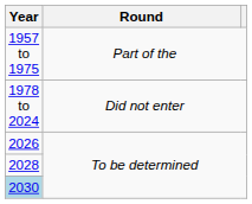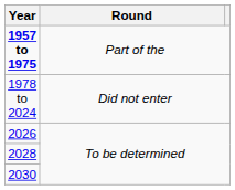 <table class="wikitable" style="text-align: center; font-size:90%">
 <tr>
 <th>Year</th>
 <th style="width:200px">Round</th>
 <th></th>
 </tr>
 <tr>
-<td><a href='#'>1957</a><br>to<br><a href='#'>1975</a></td>
+<td><strong><a href='#'>1957</a><br>to<br><a href='#'>1975</a></strong></td>
 <td colspan="2"><em>Part of the </em></td>
 </tr>
 <tr>
 <td><a href='#'>1978</a><br>to<br><a href='#'>2024</a></td>
 <td colspan="2"><em>Did not enter</em></td>
 </tr>
 <tr>
 <td><a href='#'>2026</a></td>
 <td colspan="2" rowspan="3"><em>To be determined</em></td>
 </tr>
 <tr>
 <td><a href='#'>2028</a></td>
 </tr>
 <tr>
-<td style="background: lightblue;"><a href='#'>2030</a></td>
+<td><a href='#'>2030</a></td>
 </tr>
 </table>
